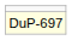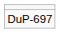 <table class="wikitable", align="right">
 <tr>
 <td></td>
 </tr>
 <tr>
-<td style="background: lightyellow;">DuP-697</td>
+<td>DuP-697</td>
 </tr>
 </table>
